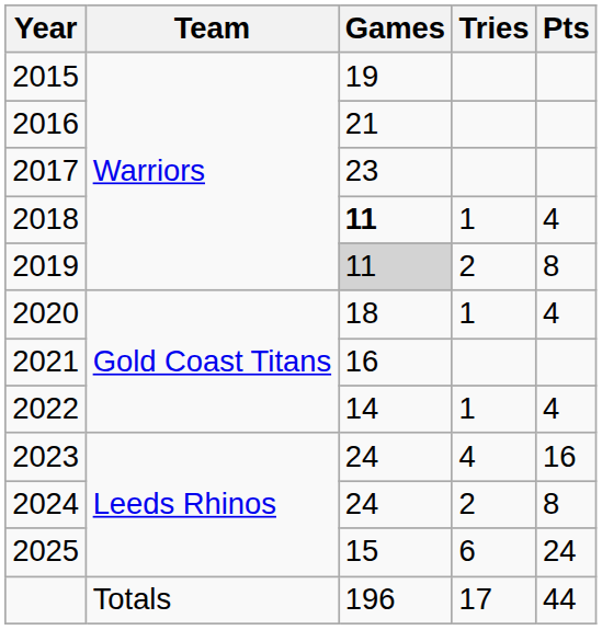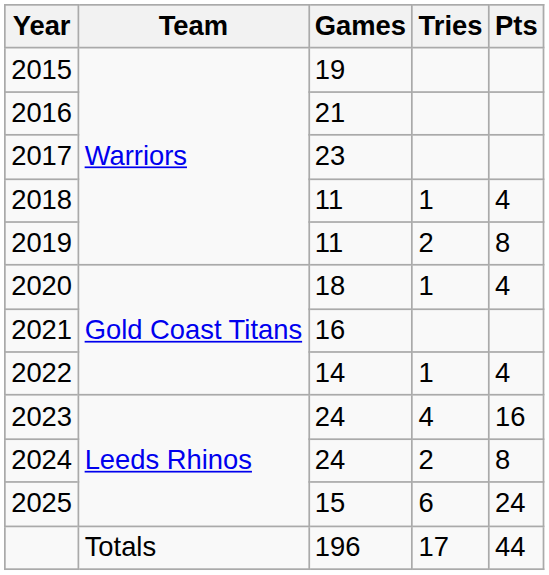 <table class="wikitable">
 <tr>
 <th>Year</th>
 <th>Team</th>
 <th>Games</th>
 <th>Tries</th>
 <th>Pts</th>
 </tr>
 <tr>
 <td>2015</td>
 <td rowspan="5"> <a href='#'>Warriors</a></td>
 <td>19</td>
 <td></td>
 <td></td>
 </tr>
 <tr>
 <td>2016</td>
 <td>21</td>
 <td></td>
 <td></td>
 </tr>
 <tr>
 <td>2017</td>
 <td>23</td>
 <td></td>
 <td></td>
 </tr>
 <tr>
 <td>2018</td>
-<td><strong>11</strong></td>
+<td>11</td>
 <td>1</td>
 <td>4</td>
 </tr>
 <tr>
 <td>2019</td>
-<td style="background: lightgrey;">11</td>
+<td>11</td>
 <td>2</td>
 <td>8</td>
 </tr>
 <tr>
 <td>2020</td>
 <td rowspan="3"> <a href='#'>Gold Coast Titans</a></td>
 <td>18</td>
 <td>1</td>
 <td>4</td>
 </tr>
 <tr>
 <td>2021</td>
 <td>16</td>
 <td></td>
 <td></td>
 </tr>
 <tr>
 <td>2022</td>
 <td>14</td>
 <td>1</td>
 <td>4</td>
 </tr>
 <tr>
 <td>2023</td>
 <td rowspan="3"> <a href='#'>Leeds Rhinos</a></td>
 <td>24</td>
 <td>4</td>
 <td>16</td>
 </tr>
 <tr>
 <td>2024</td>
 <td>24</td>
 <td>2</td>
 <td>8</td>
 </tr>
 <tr>
 <td>2025</td>
 <td>15</td>
 <td>6</td>
 <td>24</td>
 </tr>
 <tr>
 <td></td>
 <td>Totals</td>
 <td>196</td>
 <td>17</td>
 <td>44</td>
 </tr>
 </table>
